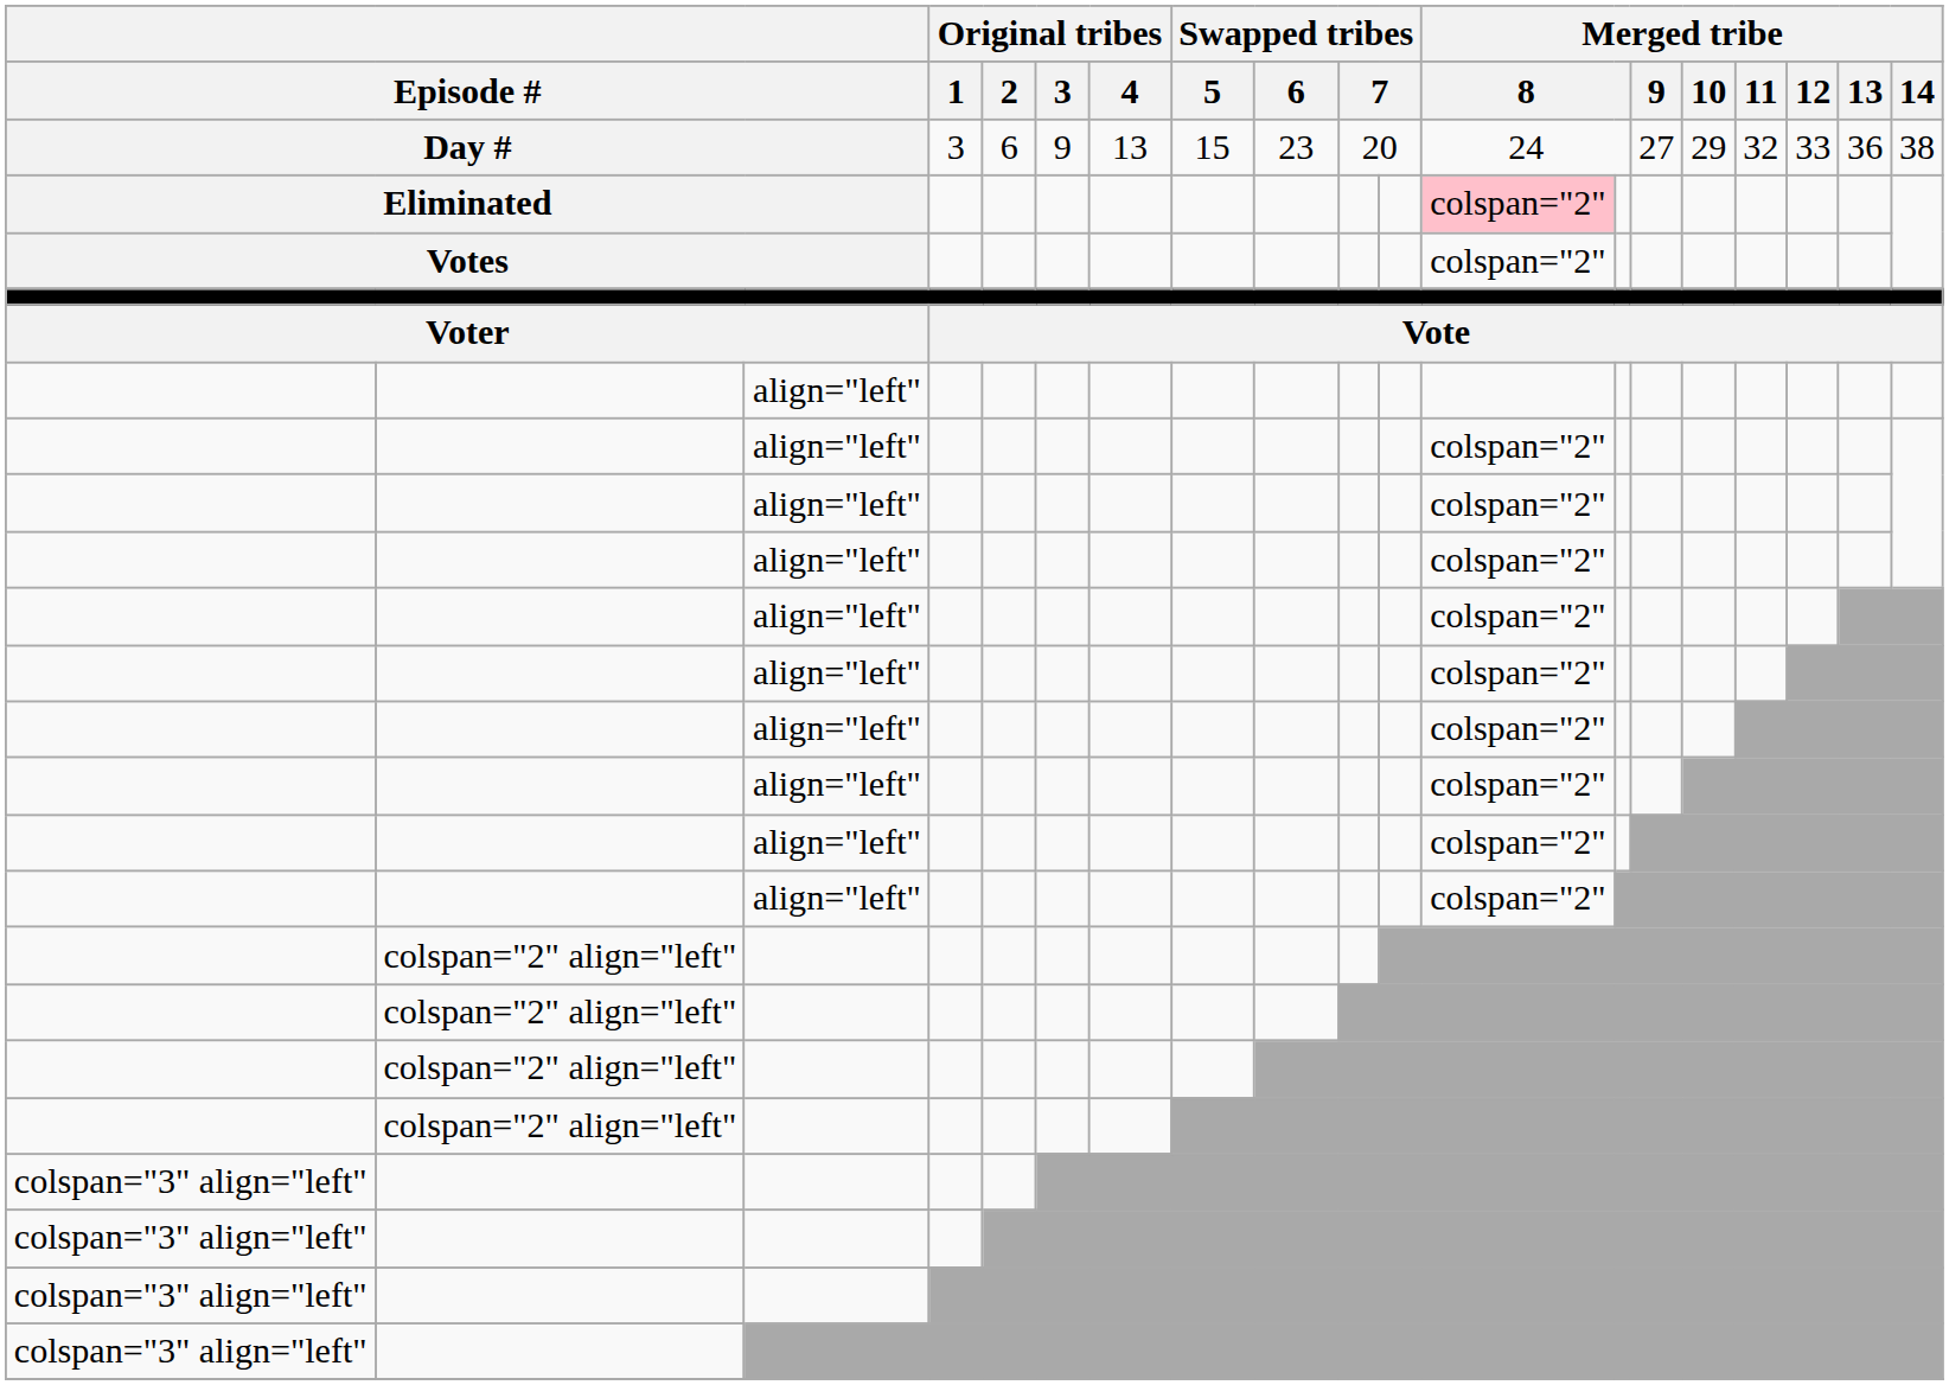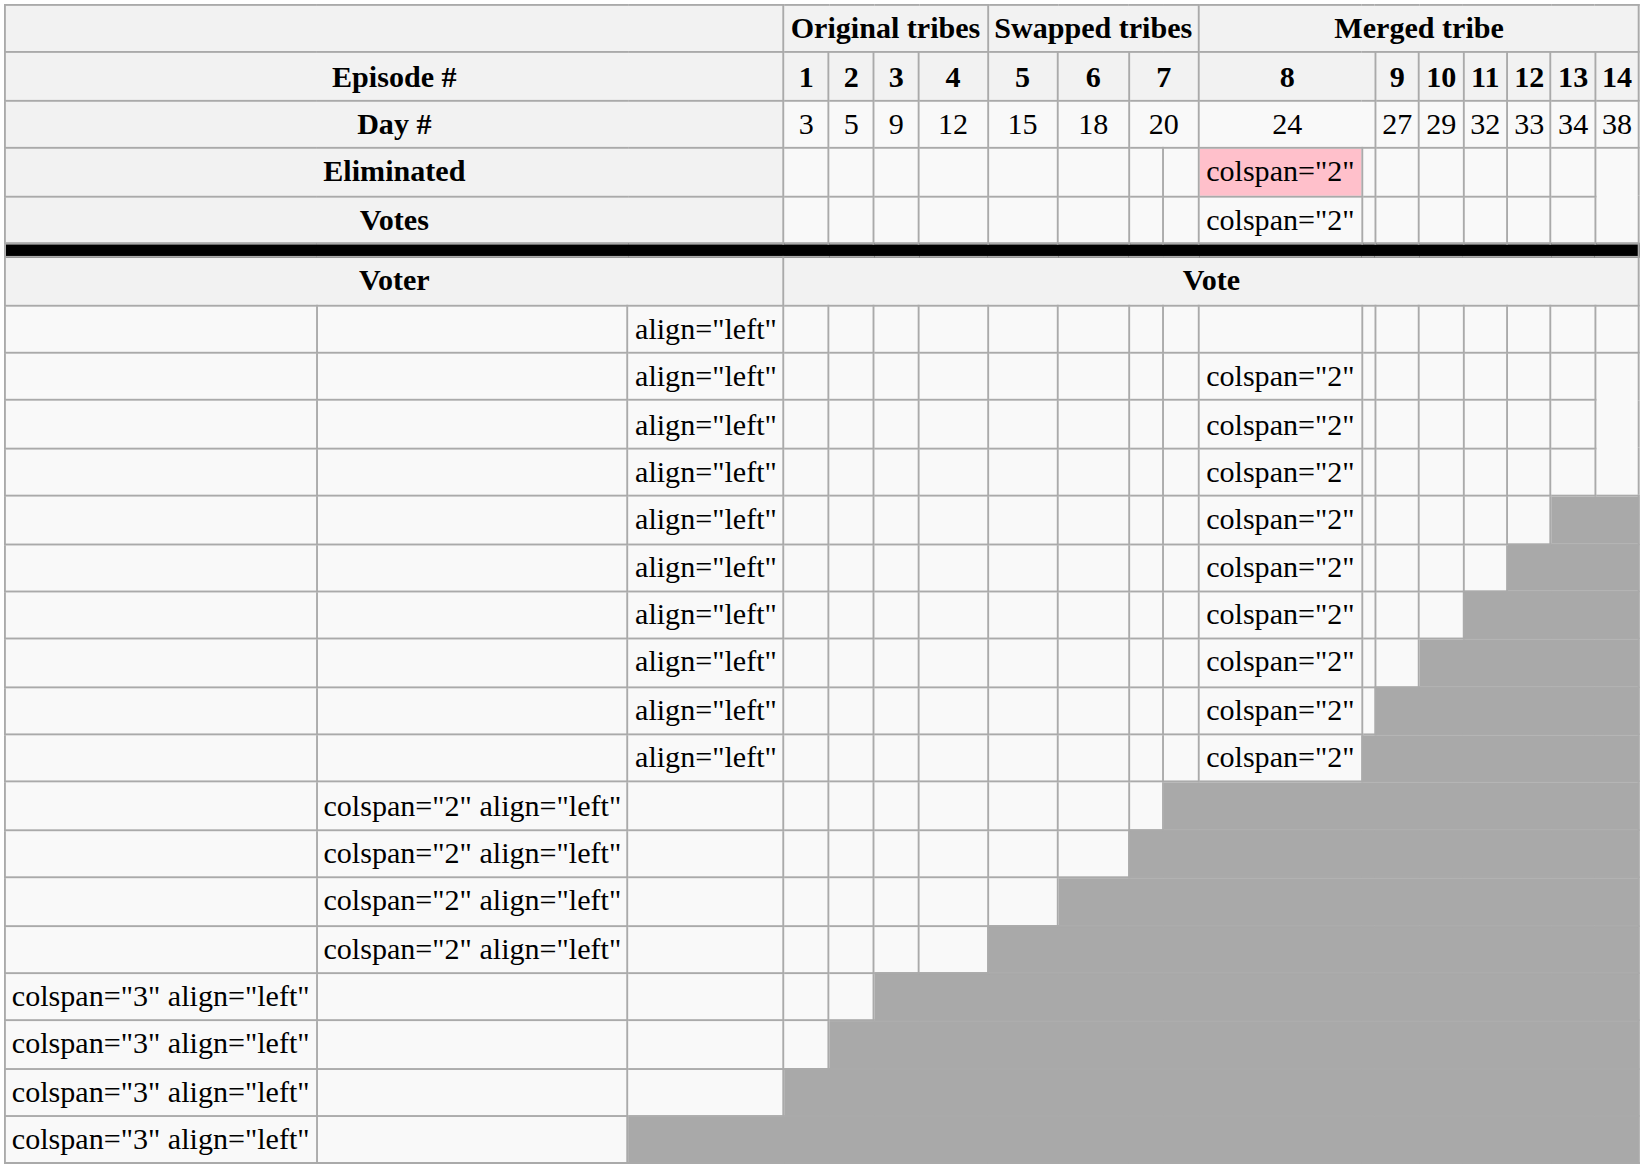 <table class="wikitable" style="text-align:center;">
 <tr>
 <th colspan="3"></th>
 <th colspan="4">Original tribes</th>
 <th colspan="4">Swapped tribes</th>
 <th colspan="8">Merged tribe</th>
 </tr>
 <tr>
 <th colspan="3">Episode #</th>
 <th>1</th>
 <th>2</th>
 <th>3</th>
 <th>4</th>
 <th>5</th>
 <th>6</th>
 <th colspan="2">7</th>
 <th colspan="2">8</th>
 <th>9</th>
 <th>10</th>
 <th>11</th>
 <th>12</th>
 <th>13</th>
 <th>14</th>
 </tr>
 <tr>
 <th colspan="3">Day #</th>
 <td>3</td>
-<td>6</td>
+<td>5</td>
 <td>9</td>
-<td>13</td>
+<td>12</td>
 <td>15</td>
-<td>23</td>
+<td>18</td>
 <td colspan="2">20</td>
 <td colspan="2">24</td>
 <td>27</td>
 <td>29</td>
 <td>32</td>
 <td>33</td>
-<td>36</td>
+<td>34</td>
 <td>38</td>
 </tr>
 <tr>
 <th colspan="3">Eliminated</th>
 <td></td>
 <td></td>
 <td></td>
 <td></td>
 <td></td>
 <td></td>
 <td></td>
 <td></td>
 <td style="background: pink;">colspan="2" </td>
 <td></td>
 <td></td>
 <td></td>
 <td></td>
 <td></td>
 <td></td>
 </tr>
 <tr>
 <th colspan="3">Votes</th>
 <td></td>
 <td></td>
 <td></td>
 <td></td>
 <td></td>
 <td></td>
 <td></td>
 <td></td>
 <td>colspan="2" </td>
 <td></td>
 <td></td>
 <td></td>
 <td></td>
 <td></td>
 <td></td>
 </tr>
 <tr>
 <th colspan="20" style="background:black;"></th>
 </tr>
 <tr>
 <th colspan=3>Voter</th>
 <th colspan=20>Vote</th>
 </tr>
 <tr>
 <td></td>
 <td></td>
 <td>align="left" </td>
 <td></td>
 <td></td>
 <td></td>
 <td></td>
 <td></td>
 <td></td>
 <td></td>
 <td></td>
 <td></td>
 <td></td>
 <td></td>
 <td></td>
 <td></td>
 <td></td>
 <td></td>
 <td></td>
 </tr>
 <tr>
 <td></td>
 <td></td>
 <td>align="left" </td>
 <td></td>
 <td></td>
 <td></td>
 <td></td>
 <td></td>
 <td></td>
 <td></td>
 <td></td>
 <td>colspan="2" </td>
 <td></td>
 <td></td>
 <td></td>
 <td></td>
 <td></td>
 <td></td>
 </tr>
 <tr>
 <td></td>
 <td></td>
 <td>align="left" </td>
 <td></td>
 <td></td>
 <td></td>
 <td></td>
 <td></td>
 <td></td>
 <td></td>
 <td></td>
 <td>colspan="2" </td>
 <td></td>
 <td></td>
 <td></td>
 <td></td>
 <td></td>
 <td></td>
 </tr>
 <tr>
 <td></td>
 <td></td>
 <td>align="left" </td>
 <td></td>
 <td></td>
 <td></td>
 <td></td>
 <td></td>
 <td></td>
 <td></td>
 <td></td>
 <td>colspan="2" </td>
 <td></td>
 <td></td>
 <td></td>
 <td></td>
 <td></td>
 <td></td>
 </tr>
 <tr>
 <td></td>
 <td></td>
 <td>align="left" </td>
 <td></td>
 <td></td>
 <td></td>
 <td></td>
 <td></td>
 <td></td>
 <td></td>
 <td></td>
 <td>colspan="2" </td>
 <td></td>
 <td></td>
 <td></td>
 <td></td>
 <td></td>
 <td colspan="9" bgcolor=darkgray></td>
 </tr>
 <tr>
 <td></td>
 <td></td>
 <td>align="left" </td>
 <td></td>
 <td></td>
 <td></td>
 <td></td>
 <td></td>
 <td></td>
 <td></td>
 <td></td>
 <td>colspan="2" </td>
 <td></td>
 <td></td>
 <td></td>
 <td></td>
 <td colspan="9" bgcolor=darkgray></td>
 </tr>
 <tr>
 <td></td>
 <td></td>
 <td>align="left" </td>
 <td></td>
 <td></td>
 <td></td>
 <td></td>
 <td></td>
 <td></td>
 <td></td>
 <td></td>
 <td>colspan="2" </td>
 <td></td>
 <td></td>
 <td></td>
 <td colspan="9" bgcolor=darkgray></td>
 </tr>
 <tr>
 <td></td>
 <td></td>
 <td>align="left" </td>
 <td></td>
 <td></td>
 <td></td>
 <td></td>
 <td></td>
 <td></td>
 <td></td>
 <td></td>
 <td>colspan="2" </td>
 <td></td>
 <td></td>
 <td colspan="9" bgcolor=darkgray></td>
 </tr>
 <tr>
 <td></td>
 <td></td>
 <td>align="left" </td>
 <td></td>
 <td></td>
 <td></td>
 <td></td>
 <td></td>
 <td></td>
 <td></td>
 <td></td>
 <td>colspan="2" </td>
 <td></td>
 <td colspan="9" bgcolor=darkgray></td>
 </tr>
 <tr>
 <td></td>
 <td></td>
 <td>align="left" </td>
 <td></td>
 <td></td>
 <td></td>
 <td></td>
 <td></td>
 <td></td>
 <td></td>
 <td></td>
 <td>colspan="2" </td>
 <td colspan="10" bgcolor=darkgray></td>
 </tr>
 <tr>
 <td></td>
 <td>colspan="2" align="left" </td>
 <td></td>
 <td></td>
 <td></td>
 <td></td>
 <td></td>
 <td></td>
 <td></td>
 <td></td>
 <td colspan="11" bgcolor=darkgray></td>
 </tr>
 <tr>
 <td></td>
 <td>colspan="2" align="left" </td>
 <td></td>
 <td></td>
 <td></td>
 <td></td>
 <td></td>
 <td></td>
 <td></td>
 <td colspan="12" bgcolor=darkgray></td>
 </tr>
 <tr>
 <td></td>
 <td>colspan="2" align="left" </td>
 <td></td>
 <td></td>
 <td></td>
 <td></td>
 <td></td>
 <td></td>
 <td colspan="13" bgcolor=darkgray></td>
 </tr>
 <tr>
 <td></td>
 <td>colspan="2" align="left" </td>
 <td></td>
 <td></td>
 <td></td>
 <td></td>
 <td></td>
 <td colspan="14" bgcolor=darkgray></td>
 </tr>
 <tr>
 <td>colspan="3" align="left" </td>
 <td></td>
 <td></td>
 <td></td>
 <td></td>
 <td colspan="15" bgcolor=darkgray></td>
 </tr>
 <tr>
 <td>colspan="3" align="left" </td>
 <td></td>
 <td></td>
 <td></td>
 <td colspan="16" bgcolor=darkgray></td>
 </tr>
 <tr>
 <td>colspan="3" align="left" </td>
 <td></td>
 <td></td>
 <td colspan="17" bgcolor=darkgray></td>
 </tr>
 <tr>
 <td>colspan="3" align="left" </td>
 <td></td>
 <td colspan="18" bgcolor=darkgray></td>
 </tr>
 <tr>
 </tr>
 </table>
